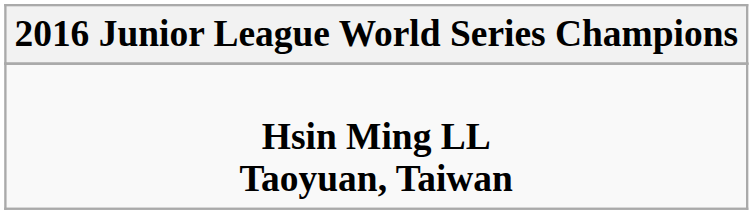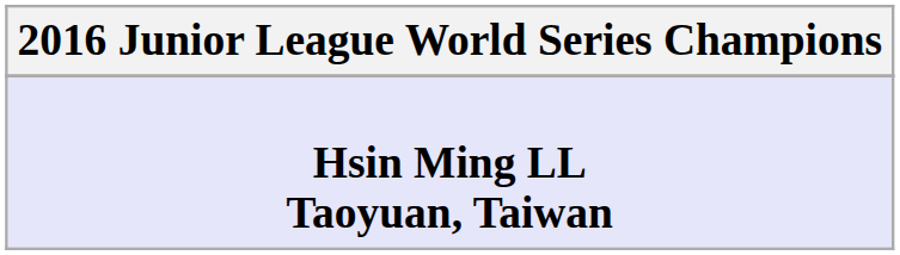 <table class="wikitable" style="text-align: center; margin: 0 auto;">
 <tr>
 <th>2016 Junior League World Series Champions</th>
 </tr>
 <tr>
 </tr>
 <tr>
-<td><br><strong>Hsin Ming LL</strong><br><strong>Taoyuan, Taiwan</strong></td>
+<td style="background: lavender;"><br><strong>Hsin Ming LL</strong><br><strong>Taoyuan, Taiwan</strong></td>
 </tr>
 </table>
